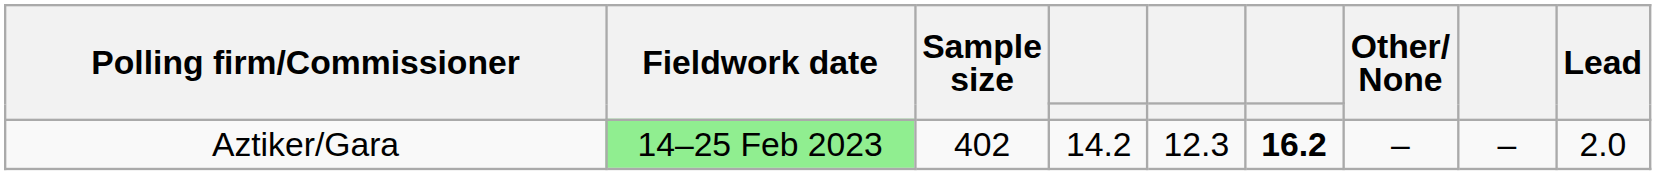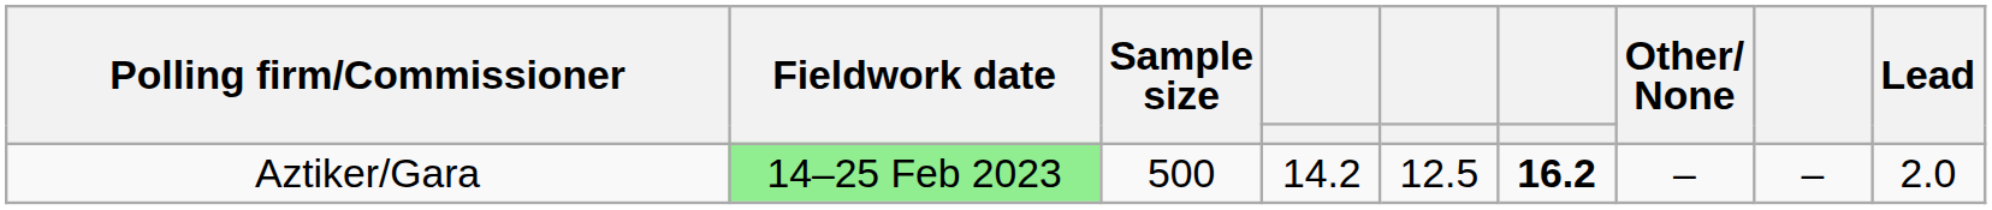 <table class="wikitable collapsible collapsed" style="text-align:center; font-size:90%; line-height:14px;">
 <tr style="height:42px;">
 <th style="width:250px;" rowspan="2">Polling firm/Commissioner</th>
 <th style="width:125px;" rowspan="2">Fieldwork date</th>
 <th style="width:50px;" rowspan="2">Sample size</th>
 <th style="width:35px;"></th>
 <th style="width:35px;"></th>
 <th style="width:35px;"></th>
 <th style="width:35px;" rowspan="2">Other/<br>None</th>
 <th style="width:35px;" rowspan="2"></th>
 <th style="width:30px;" rowspan="2">Lead</th>
 </tr>
 <tr>
 <th style="color:inherit;background:"></th>
 <th style="color:inherit;background:"></th>
 <th style="color:inherit;background:"></th>
 </tr>
 <tr>
 <td>Aztiker/Gara</td>
 <td style="background: lightgreen;">14–25 Feb 2023</td>
-<td>402</td>
+<td>500</td>
 <td>14.2</td>
-<td>12.3</td>
+<td>12.5</td>
 <td><strong>16.2</strong></td>
 <td>–</td>
 <td>–</td>
 <td style="background:">2.0</td>
 </tr>
 </table>
